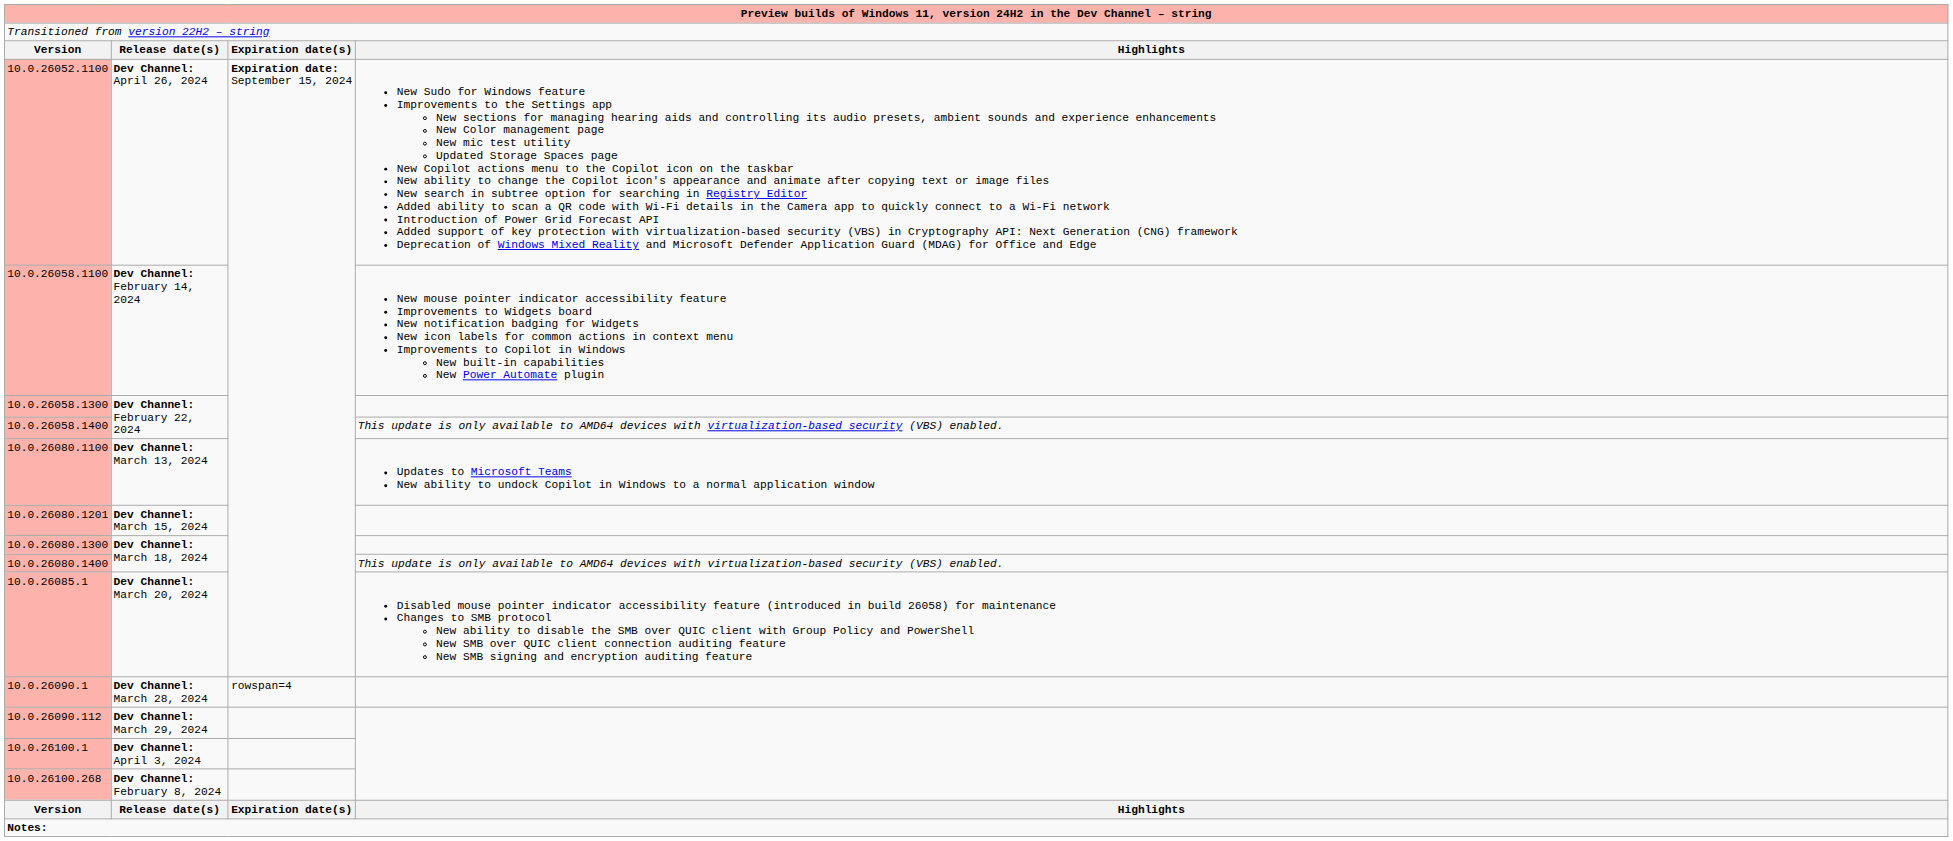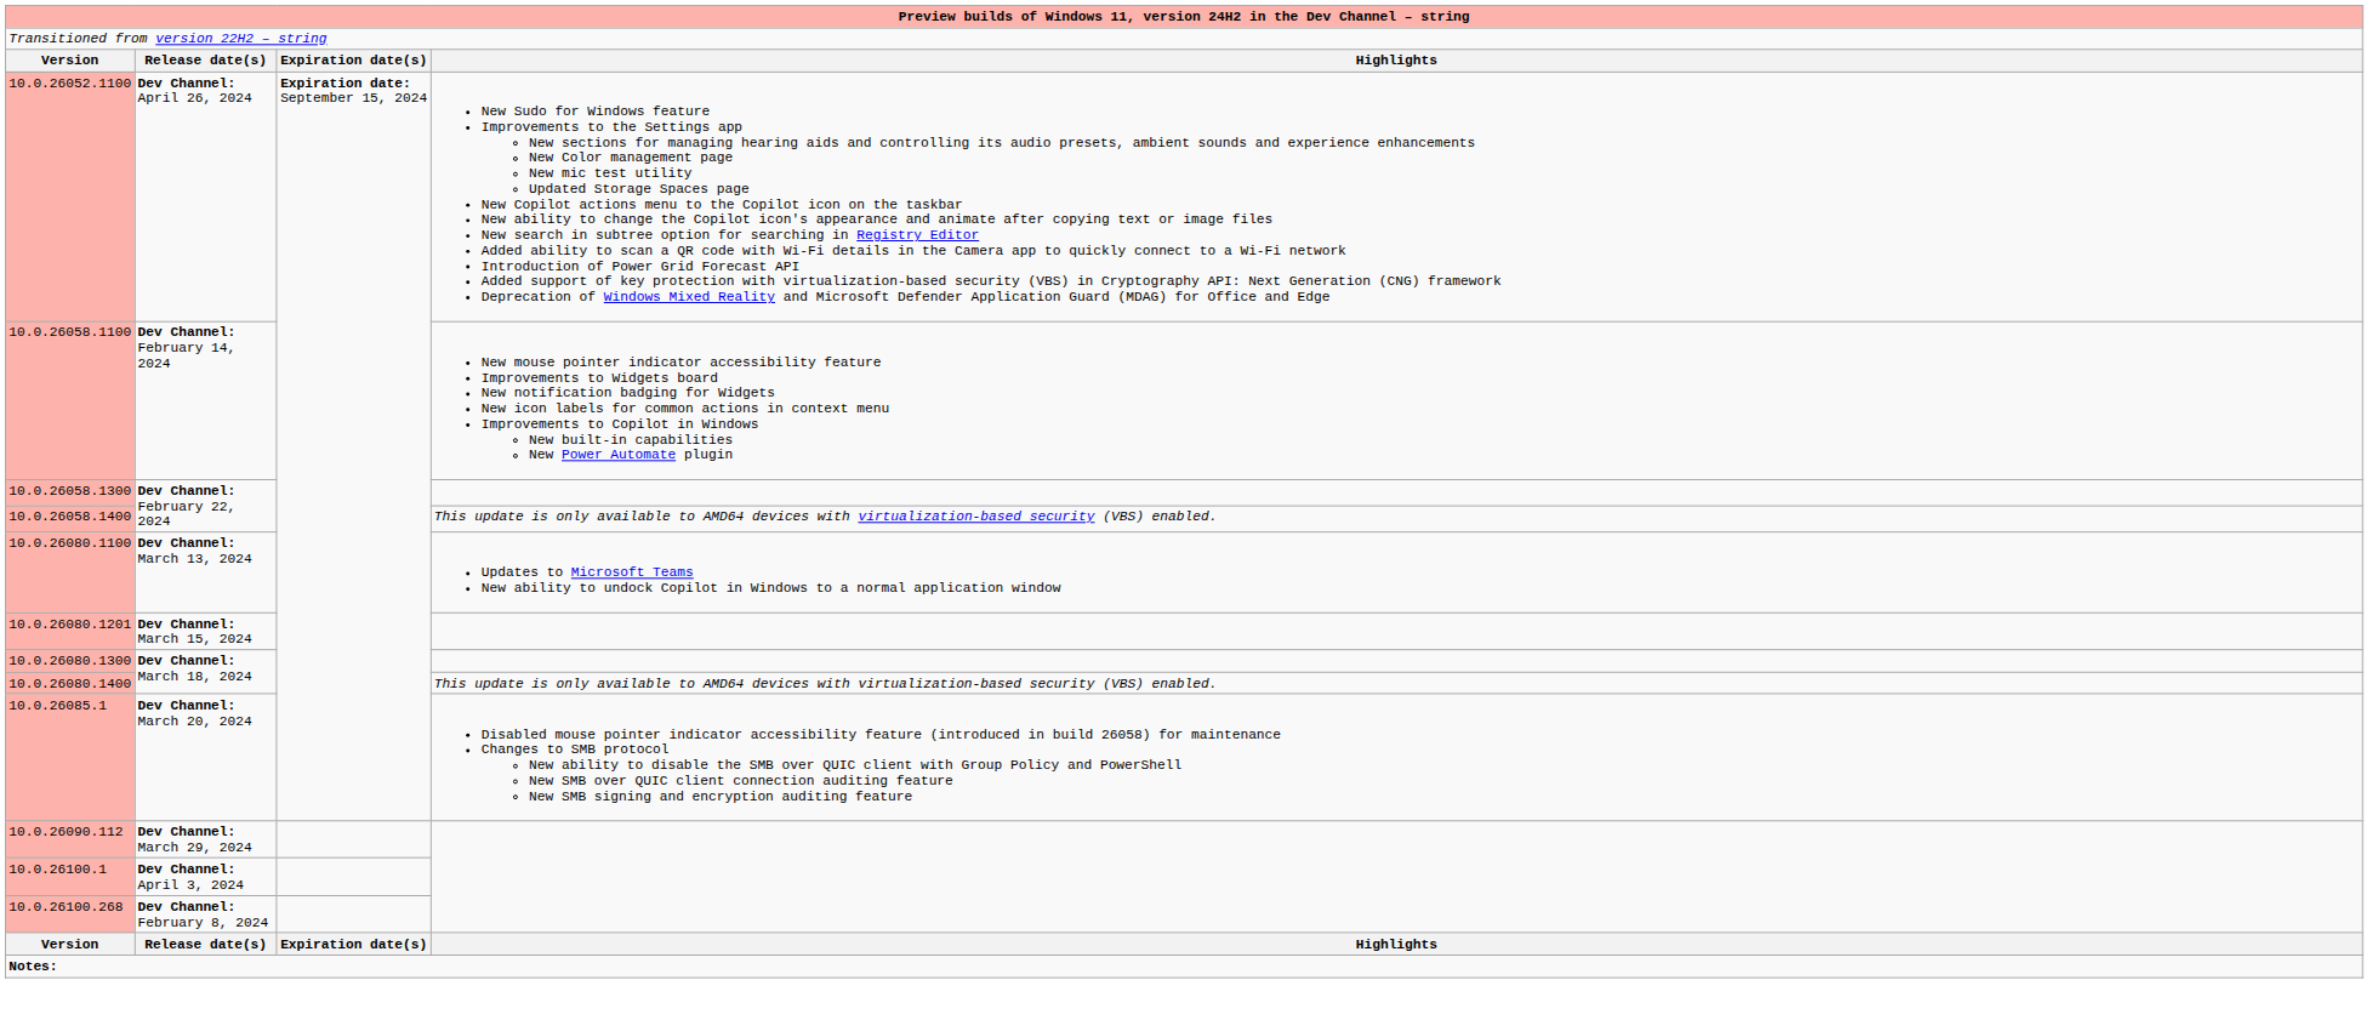 <table class="wikitable mw-collapsible mw-collapsed" style=width:100%;font-size:88%>
 <tr>
 <th colspan=4 style=background:#fdb3ab>Preview builds of Windows 11, version 24H2 in the Dev Channel –  string</th>
 </tr>
 <tr>
 <td colspan=4><em>Transitioned from <a href='#'>version 22H2 –  string</a></em></td>
 </tr>
 <tr>
 <th scope=col style=width:8em>Version</th>
 <th scope=col style=width:10em>Release date(s)</th>
 <th scope=col style=width:10em>Expiration date(s)</th>
 <th scope=col>Highlights</th>
 </tr>
 <tr valign=top>
 <td style=background:#fdb3ab>10.0.26052.1100<br></td>
 <td><strong>Dev Channel:</strong><br>April 26, 2024</td>
 <td rowspan=9><strong>Expiration date:</strong><br>September 15, 2024</td>
 <td><br><ul><li>New Sudo for Windows feature</li><li>Improvements to the Settings app<ul><li>New sections for managing hearing aids and controlling its audio presets, ambient sounds and experience enhancements</li><li>New Color management page</li><li>New mic test utility</li><li>Updated Storage Spaces page</li></ul></li><li>New Copilot actions menu to the Copilot icon on the taskbar</li><li>New ability to change the Copilot icon's appearance and animate after copying text or image files</li><li>New search in subtree option for searching in <a href='#'>Registry Editor</a></li><li>Added ability to scan a QR code with Wi-Fi details in the Camera app to quickly connect to a Wi-Fi network</li><li>Introduction of Power Grid Forecast API</li><li>Added support of key protection with virtualization-based security (VBS) in Cryptography API: Next Generation (CNG) framework</li><li>Deprecation of <a href='#'>Windows Mixed Reality</a> and Microsoft Defender Application Guard (MDAG) for Office and Edge</li></ul></td>
 </tr>
 <tr valign=top>
 <td style=background:#fdb3ab>10.0.26058.1100<br></td>
 <td><strong>Dev Channel:</strong><br>February 14, 2024</td>
 <td><br><ul><li>New mouse pointer indicator accessibility feature</li><li>Improvements to Widgets board</li><li>New notification badging for Widgets</li><li>New icon labels for common actions in context menu</li><li>Improvements to Copilot in Windows<ul><li>New built-in capabilities</li><li>New <a href='#'>Power Automate</a> plugin</li></ul></li></ul></td>
 </tr>
 <tr valign=top>
 <td style=background:#fdb3ab>10.0.26058.1300<br></td>
 <td rowspan=2><strong>Dev Channel:</strong><br>February 22, 2024</td>
 <td></td>
 </tr>
 <tr valign=top>
 <td style=background:#fdb3ab>10.0.26058.1400<br></td>
 <td><em>This update is only available to AMD64 devices with <a href='#'>virtualization-based security</a> (VBS) enabled.</em></td>
 </tr>
 <tr valign=top>
 <td style=background:#fdb3ab>10.0.26080.1100<br></td>
 <td><strong>Dev Channel:</strong><br>March 13, 2024</td>
 <td><br><ul><li>Updates to <a href='#'>Microsoft Teams</a></li><li>New ability to undock Copilot in Windows to a normal application window</li></ul></td>
 </tr>
 <tr valign=top>
 <td style=background:#fdb3ab>10.0.26080.1201<br></td>
 <td><strong>Dev Channel:</strong><br>March 15, 2024</td>
 <td></td>
 </tr>
 <tr valign=top>
 <td style=background:#fdb3ab>10.0.26080.1300<br></td>
 <td rowspan=2><strong>Dev Channel:</strong><br>March 18, 2024</td>
 <td></td>
 </tr>
 <tr valign=top>
 <td style=background:#fdb3ab>10.0.26080.1400<br></td>
 <td><em>This update is only available to AMD64 devices with virtualization-based security (VBS) enabled.</em></td>
 </tr>
 <tr valign=top>
 <td style=background:#fdb3ab>10.0.26085.1<br></td>
 <td><strong>Dev Channel:</strong><br>March 20, 2024</td>
 <td><br><ul><li>Disabled mouse pointer indicator accessibility feature (introduced in build 26058) for maintenance</li><li>Changes to SMB protocol<ul><li>New ability to disable the SMB over QUIC client with Group Policy and PowerShell</li><li>New SMB over QUIC client connection auditing feature</li><li>New SMB signing and encryption auditing feature</li></ul></li></ul></td>
 </tr>
 <tr valign=top>
-<td style=background:#fdb3ab>10.0.26090.1<br></td>
-<td><strong>Dev Channel:</strong><br>March 28, 2024</td>
-<td>rowspan=4 </td>
-<td></td>
-</tr>
-<tr valign=top>
 <td style=background:#fdb3ab>10.0.26090.112<br></td>
 <td><strong>Dev Channel:</strong><br>March 29, 2024</td>
 <td></td>
 </tr>
 <tr valign=top>
 <td style=background:#fdb3ab>10.0.26100.1<br></td>
 <td><strong>Dev Channel:</strong><br>April 3, 2024</td>
 <td></td>
 </tr>
 <tr valign=top>
 <td style=background:#fdb3ab>10.0.26100.268<br></td>
 <td><strong>Dev Channel:</strong><br>February 8, 2024</td>
 <td></td>
 </tr>
 <tr>
 <th>Version</th>
 <th>Release date(s)</th>
 <th>Expiration date(s)</th>
 <th>Highlights</th>
 </tr>
 <tr>
 <td class="wikitable mw-collapsible" colspan=4 style=text-align:left><strong>Notes:</strong></td>
 </tr>
 </table>
